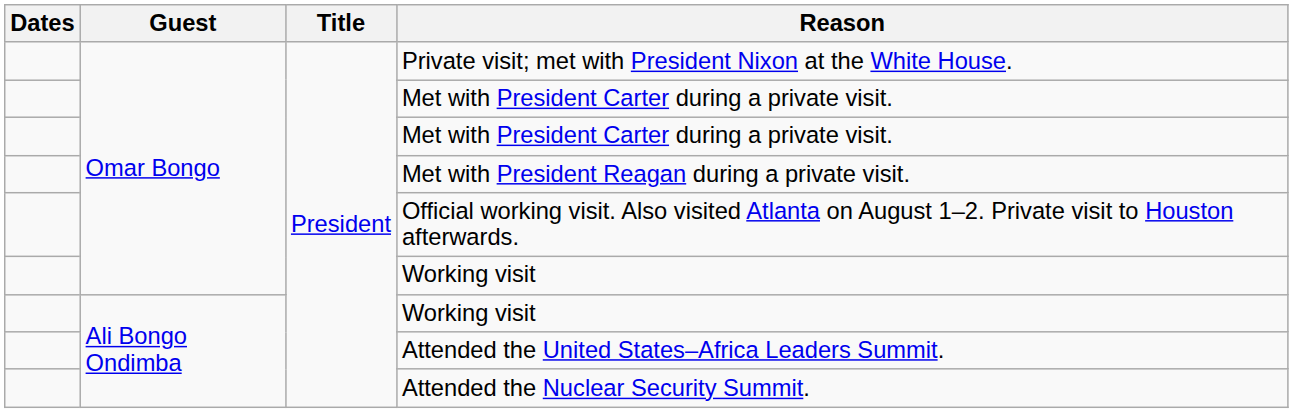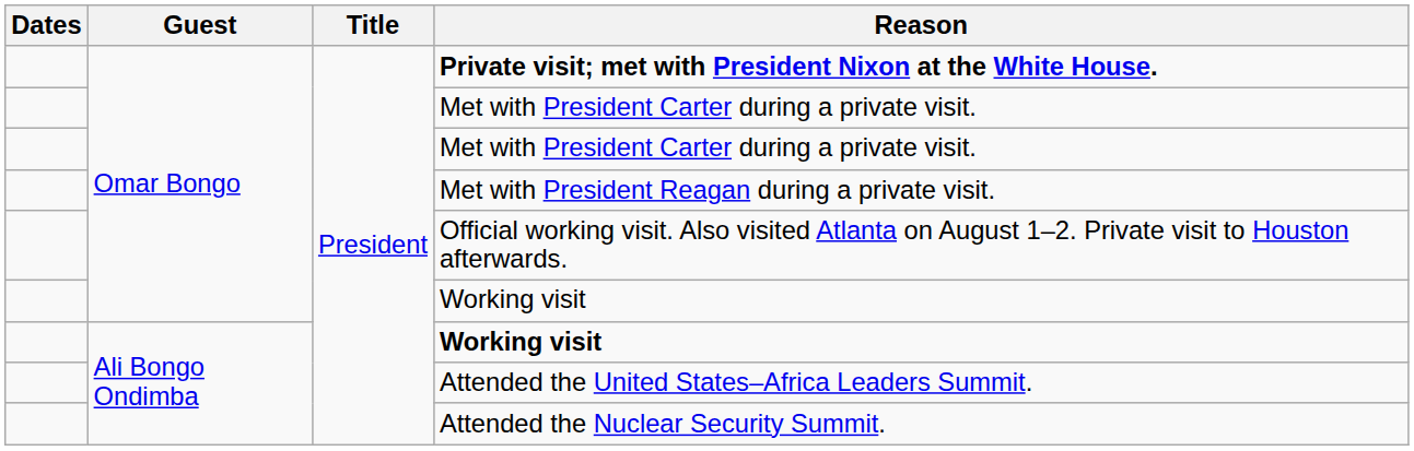 <table class="wikitable sortable">
 <tr>
 <th>Dates</th>
 <th>Guest</th>
 <th>Title</th>
 <th>Reason</th>
 </tr>
 <tr>
 <td></td>
 <td rowspan=6><a href='#'>Omar Bongo</a></td>
 <td rowspan=9><a href='#'>President</a></td>
-<td>Private visit; met with <a href='#'>President Nixon</a> at the <a href='#'>White House</a>.</td>
+<td><strong>Private visit; met with <a href='#'>President Nixon</a> at the <a href='#'>White House</a>.</strong></td>
 </tr>
 <tr>
 <td></td>
 <td>Met with <a href='#'>President Carter</a> during a private visit.</td>
 </tr>
 <tr>
 <td></td>
 <td>Met with <a href='#'>President Carter</a> during a private visit.</td>
 </tr>
 <tr>
 <td></td>
 <td>Met with <a href='#'>President Reagan</a> during a private visit.</td>
 </tr>
 <tr>
 <td></td>
 <td>Official working visit. Also visited <a href='#'>Atlanta</a> on August 1–2. Private visit to <a href='#'>Houston</a> afterwards.</td>
 </tr>
 <tr>
 <td></td>
 <td>Working visit</td>
 </tr>
 <tr>
 <td></td>
 <td rowspan=3><a href='#'>Ali Bongo Ondimba</a></td>
-<td>Working visit</td>
+<td><strong>Working visit</strong></td>
 </tr>
 <tr>
 <td></td>
 <td>Attended the <a href='#'>United States–Africa Leaders Summit</a>.</td>
 </tr>
 <tr>
 <td></td>
 <td>Attended the <a href='#'>Nuclear Security Summit</a>.</td>
 </tr>
 </table>
